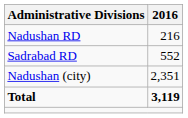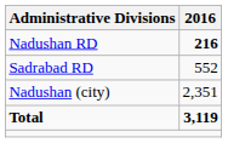 <table class="wikitable">
 <tr>
 <th>Administrative Divisions</th>
 <th>2016</th>
 </tr>
 <tr>
 <td><a href='#'>Nadushan RD</a></td>
-<td style="text-align: right;">216</td>
+<td style="text-align: right;"><strong>216</strong></td>
 </tr>
 <tr>
 <td><a href='#'>Sadrabad RD</a></td>
 <td style="text-align: right;">552</td>
 </tr>
 <tr>
 <td><a href='#'>Nadushan</a> (city)</td>
 <td style="text-align: right;">2,351</td>
 </tr>
 <tr>
 <td><strong>Total</strong></td>
 <td style="text-align: right;"><strong>3,119</strong></td>
 </tr>
 <tr>
 <td colspan=2></td>
 </tr>
 </table>
